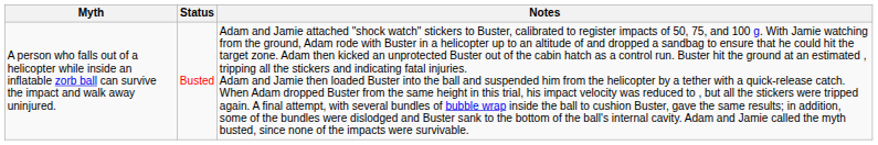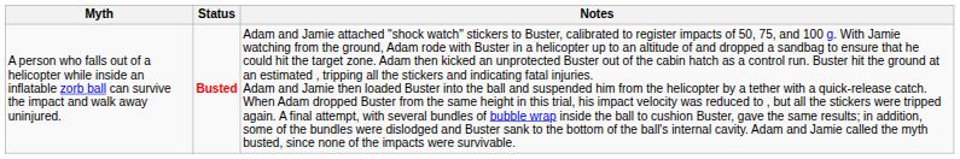 <table class="wikitable plainrowheaders">
 <tr>
 <th scope"col">Myth</th>
 <th scope"col">Status</th>
 <th scope"col">Notes</th>
 </tr>
 <tr>
 <td scope"row">A person who falls out of a helicopter while inside an inflatable <a href='#'>zorb ball</a> can survive the impact and walk away uninjured.</td>
-<td style="color:red">Busted</td>
+<td style="color:red"><strong>Busted</strong></td>
 <td>Adam and Jamie attached "shock watch" stickers to Buster, calibrated to register impacts of 50, 75, and 100 <a href='#'>g</a>. With Jamie watching from the ground, Adam rode with Buster in a helicopter up to an altitude of  and dropped a sandbag to ensure that he could hit the target zone. Adam then kicked an unprotected Buster out of the cabin hatch as a control run. Buster hit the ground at an estimated , tripping all the stickers and indicating fatal injuries.<br>Adam and Jamie then loaded Buster into the ball and suspended him from the helicopter by a tether with a quick-release catch. When Adam dropped Buster from the same height in this trial, his impact velocity was reduced to , but all the stickers were tripped again. A final attempt, with several bundles of <a href='#'>bubble wrap</a> inside the ball to cushion Buster, gave the same results; in addition, some of the bundles were dislodged and Buster sank to the bottom of the ball's internal cavity. Adam and Jamie called the myth busted, since none of the impacts were survivable.</td>
 </tr>
 </table>
